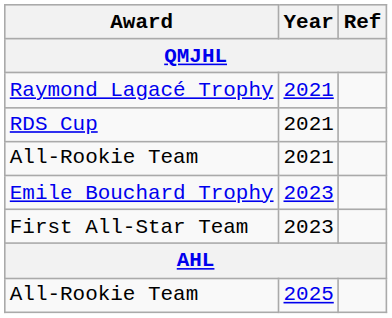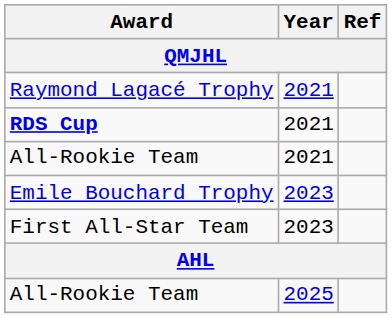 <table class="wikitable">
 <tr>
 <th>Award</th>
 <th>Year</th>
 <th>Ref</th>
 </tr>
 <tr ALIGN="center" bgcolor="#e0e0e0">
 <th colspan="4"><a href='#'>QMJHL</a></th>
 </tr>
 <tr>
 <td><a href='#'>Raymond Lagacé Trophy</a></td>
 <td><a href='#'>2021</a></td>
 <td></td>
 </tr>
 <tr>
-<td><a href='#'>RDS Cup</a></td>
+<td><strong><a href='#'>RDS Cup</a></strong></td>
 <td>2021</td>
 <td></td>
 </tr>
 <tr>
 <td>All-Rookie Team</td>
 <td>2021</td>
 <td></td>
 </tr>
 <tr>
 <td><a href='#'>Emile Bouchard Trophy</a></td>
 <td><a href='#'>2023</a></td>
 <td></td>
 </tr>
 <tr>
 <td>First All-Star Team</td>
 <td>2023</td>
 <td></td>
 </tr>
 <tr>
 <th colspan="4"><a href='#'>AHL</a></th>
 </tr>
 <tr>
 <td>All-Rookie Team</td>
 <td><a href='#'>2025</a></td>
 <td></td>
 </tr>
 </table>
